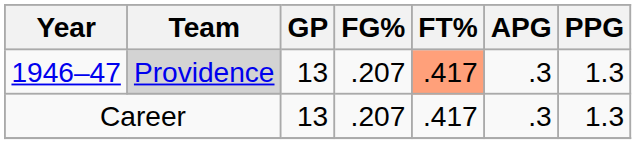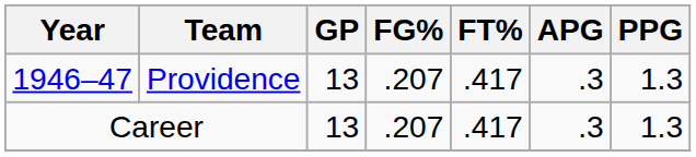 <table class="wikitable sortable" style="font-size:95%; text-align:right;">
 <tr>
 <th>Year</th>
 <th>Team</th>
 <th>GP</th>
 <th>FG%</th>
 <th>FT%</th>
 <th>APG</th>
 <th>PPG</th>
 </tr>
 <tr>
 <td style="text-align:left;"><a href='#'>1946–47</a></td>
-<td style="background: lightgrey; text-align:left;"><a href='#'>Providence</a></td>
+<td style="text-align:left;"><a href='#'>Providence</a></td>
 <td>13</td>
 <td>.207</td>
-<td style="background: lightsalmon;">.417</td>
+<td>.417</td>
 <td>.3</td>
 <td>1.3</td>
 </tr>
 <tr>
 <td style="text-align:center;" colspan="2">Career</td>
 <td>13</td>
 <td>.207</td>
 <td>.417</td>
 <td>.3</td>
 <td>1.3</td>
 </tr>
 <tr>
 </tr>
 </table>
